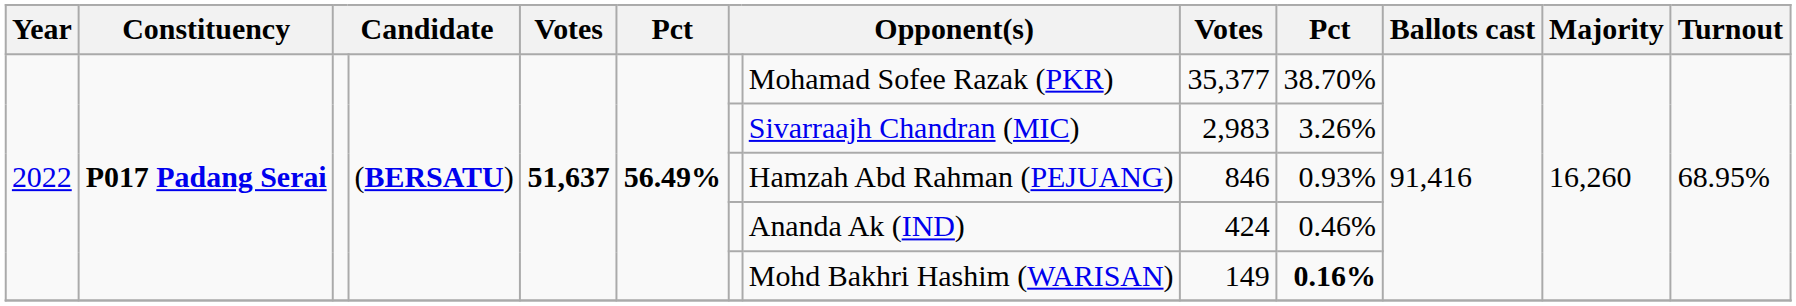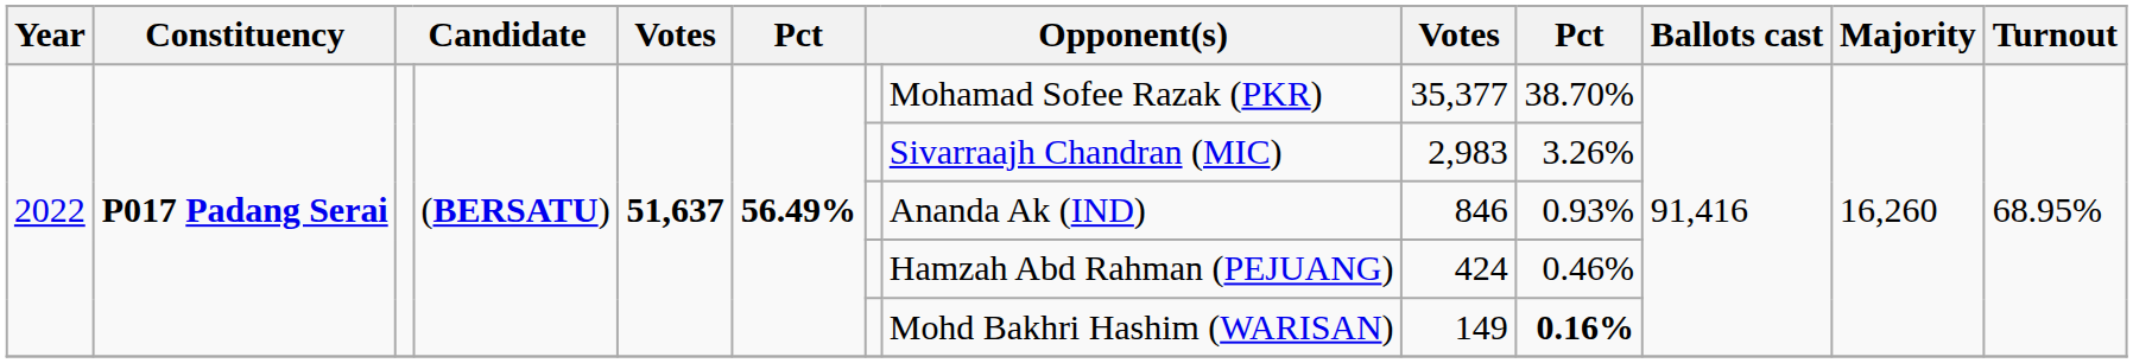 <table class="wikitable" style="margin:0.5em ; font-size:95%">
 <tr>
 <th>Year</th>
 <th>Constituency</th>
 <th colspan=2>Candidate</th>
 <th>Votes</th>
 <th>Pct</th>
 <th colspan=2>Opponent(s)</th>
 <th>Votes</th>
 <th>Pct</th>
 <th>Ballots cast</th>
 <th>Majority</th>
 <th>Turnout</th>
 </tr>
 <tr>
 <td rowspan="5"><a href='#'>2022</a></td>
 <td rowspan="5"><strong>P017 <a href='#'>Padang Serai</a></strong></td>
 <td rowspan="5" bgcolor=></td>
 <td rowspan="5"> (<a href='#'><strong>BERSATU</strong></a>)</td>
 <td rowspan="5" align="right"><strong>51,637</strong></td>
 <td rowspan="5"><strong>56.49%</strong></td>
 <td></td>
 <td>Mohamad Sofee Razak (<a href='#'>PKR</a>)</td>
 <td align="right">35,377</td>
 <td>38.70%</td>
 <td rowspan="5">91,416</td>
 <td rowspan="5">16,260</td>
 <td rowspan="5">68.95%</td>
 </tr>
 <tr>
 <td></td>
 <td><a href='#'>Sivarraajh Chandran</a> (<a href='#'>MIC</a>)</td>
 <td align="right">2,983</td>
 <td align="right">3.26%</td>
 </tr>
 <tr>
 <td></td>
-<td>Hamzah Abd Rahman (<a href='#'>PEJUANG</a>)</td>
+<td>Ananda Ak (<a href='#'>IND</a>)</td>
 <td align="right">846</td>
 <td align="right">0.93%</td>
 </tr>
 <tr>
 <td></td>
-<td>Ananda Ak (<a href='#'>IND</a>)</td>
+<td>Hamzah Abd Rahman (<a href='#'>PEJUANG</a>)</td>
 <td align="right">424</td>
 <td align="right">0.46%</td>
 </tr>
 <tr>
 <td></td>
 <td>Mohd Bakhri Hashim (<a href='#'>WARISAN</a>)</td>
 <td align="right">149</td>
 <td align="right"><strong>0.16%</strong></td>
 </tr>
 <tr>
 </tr>
 </table>
